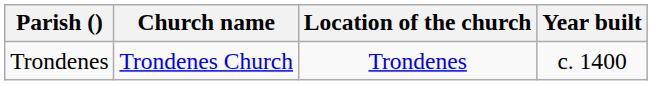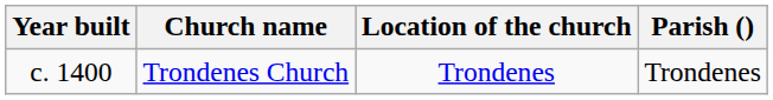 <table class="wikitable" style="text-align:center">
 <tr>
-<th>Parish ()</th>
+<th>Year built</th>
 <th>Church name</th>
 <th>Location of the church</th>
-<th>Year built</th>
+<th>Parish ()</th>
 </tr>
 <tr>
-<td rowspan="1">Trondenes</td>
+<td>c. 1400</td>
 <td><a href='#'>Trondenes Church</a></td>
 <td><a href='#'>Trondenes</a></td>
-<td>c. 1400</td>
+<td rowspan="1">Trondenes</td>
 </tr>
 </table>
